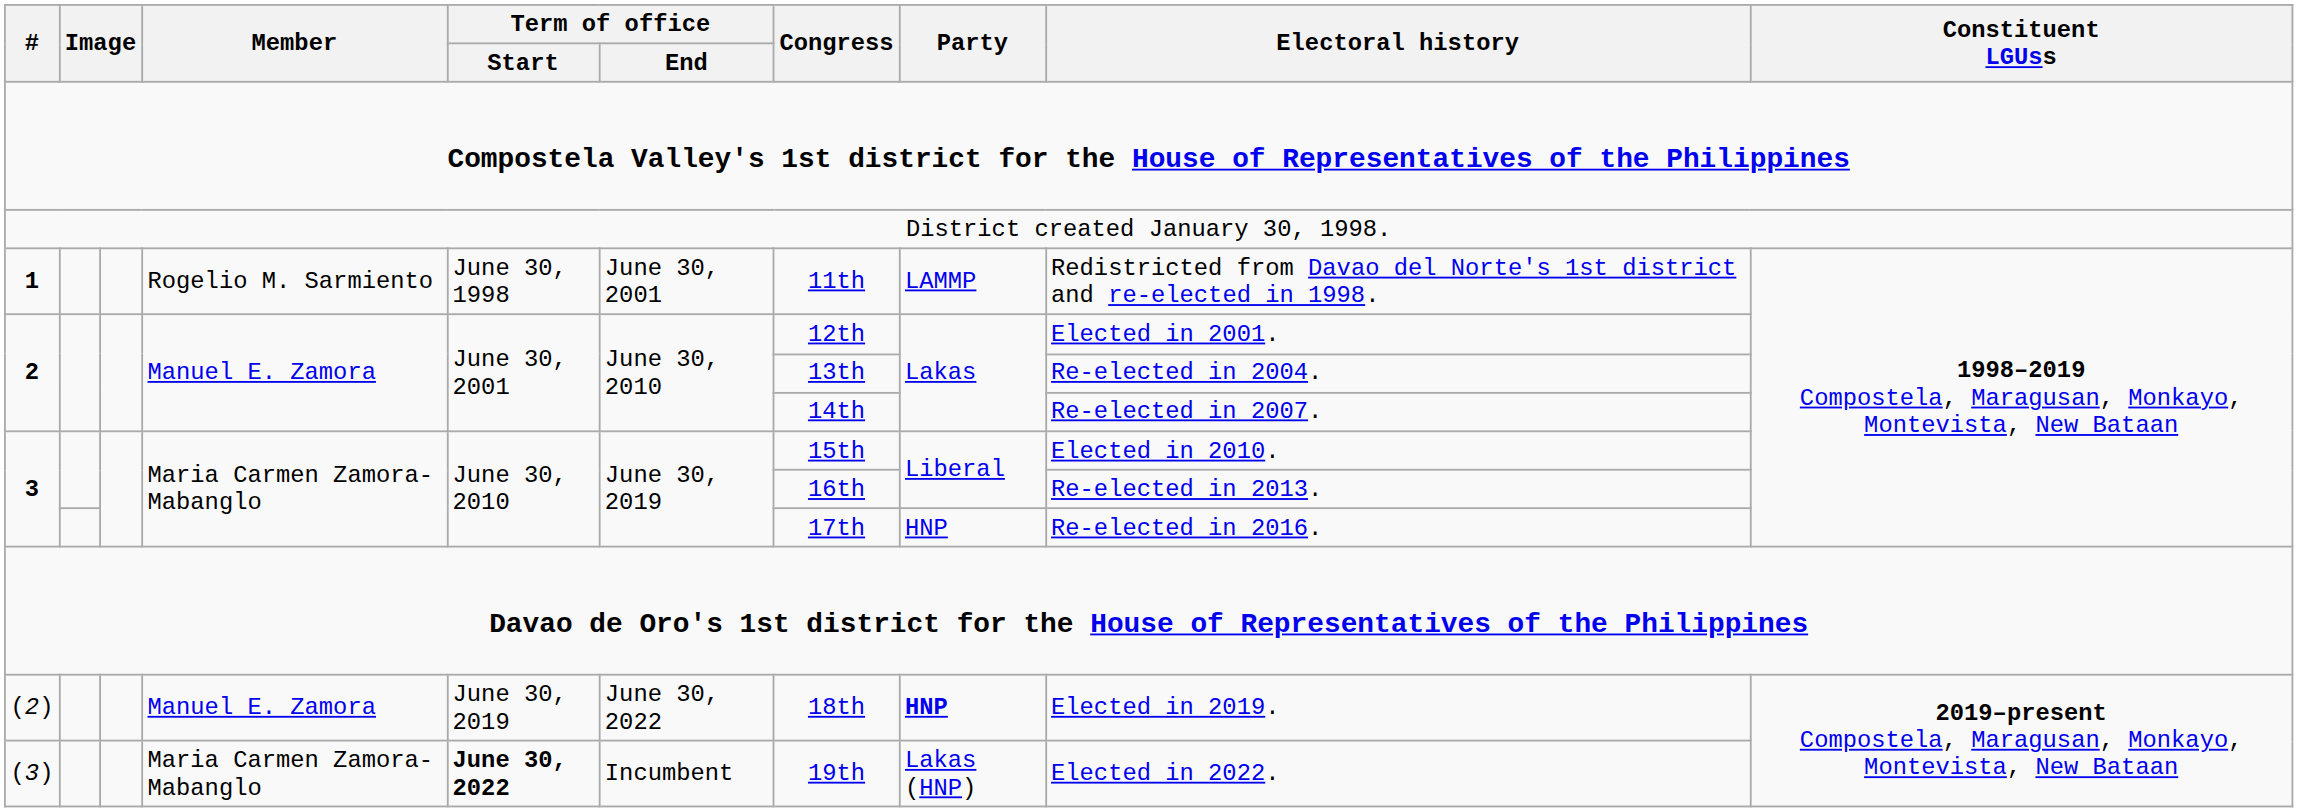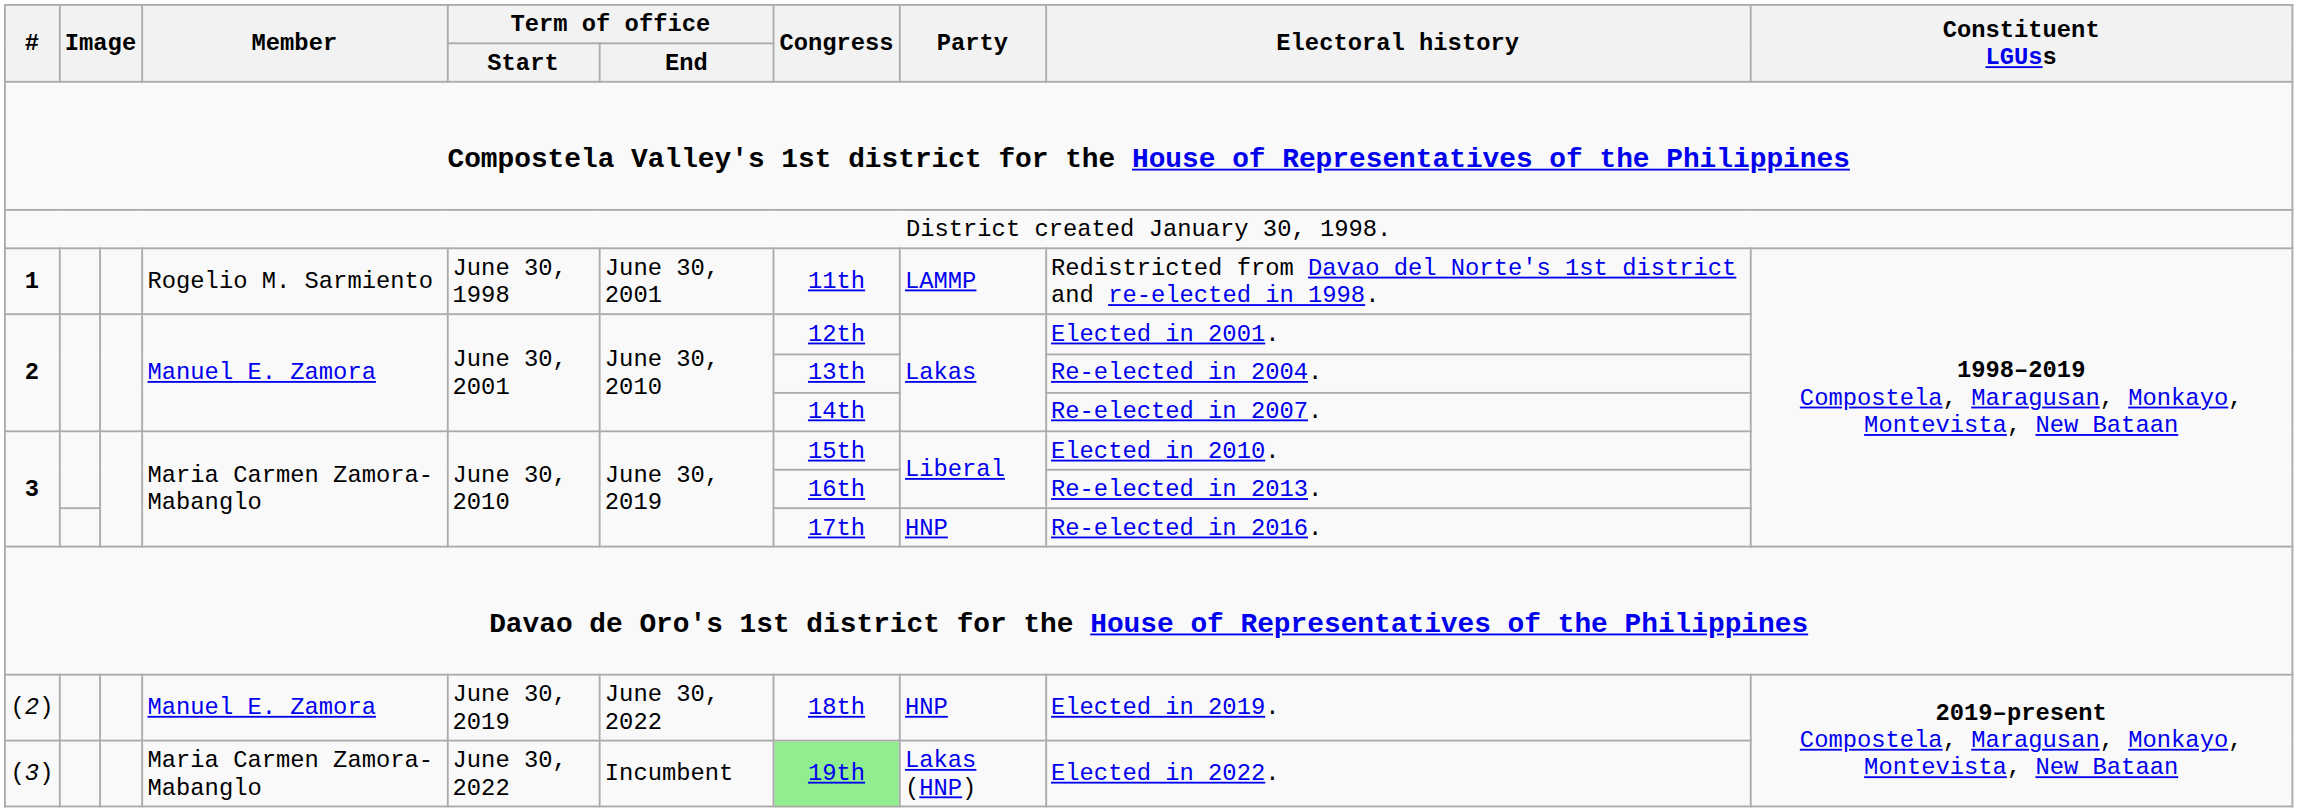 <table class=wikitable>
 <tr>
 <th rowspan="2">#</th>
 <th rowspan="2" colspan=2>Image</th>
 <th rowspan="2">Member</th>
 <th colspan=2>Term of office</th>
 <th rowspan="2">Congress</th>
 <th rowspan="2">Party</th>
 <th rowspan="2">Electoral history</th>
 <th rowspan="2">Constituent<br><a href='#'>LGUs</a>s</th>
 </tr>
 <tr>
 <th>Start</th>
 <th>End</th>
 </tr>
 <tr>
 <td colspan="10" style="text-align:center;"><br><h3>Compostela Valley's 1st district for the <a href='#'>House of Representatives of the Philippines</a></h3></td>
 </tr>
 <tr>
 <td colspan="10" style="text-align:center;">District created January 30, 1998.</td>
 </tr>
 <tr>
 <td style="text-align:center;"><strong>1</strong></td>
 <td style="color:inherit;background:"></td>
 <td></td>
 <td>Rogelio M. Sarmiento</td>
 <td>June 30, 1998</td>
 <td>June 30, 2001</td>
 <td style="text-align:center;"><a href='#'>11th</a></td>
 <td><a href='#'>LAMMP</a></td>
 <td>Redistricted from <a href='#'>Davao del Norte's 1st district</a> and <a href='#'>re-elected in 1998</a>.</td>
 <td rowspan="7" style="text-align:center;"><strong>1998–2019</strong><br><a href='#'>Compostela</a>, <a href='#'>Maragusan</a>, <a href='#'>Monkayo</a>, <a href='#'>Montevista</a>, <a href='#'>New Bataan</a></td>
 </tr>
 <tr>
 <td rowspan="3" style="text-align:center;"><strong>2</strong></td>
 <td rowspan="3" style="color:inherit;background:"></td>
 <td rowspan="3"></td>
 <td rowspan="3"><a href='#'>Manuel E. Zamora</a></td>
 <td rowspan="3">June 30, 2001</td>
 <td rowspan="3">June 30, 2010</td>
 <td style="text-align:center;"><a href='#'>12th</a></td>
 <td rowspan="3"><a href='#'>Lakas</a></td>
 <td><a href='#'>Elected in 2001</a>.</td>
 </tr>
 <tr>
 <td style="text-align:center;"><a href='#'>13th</a></td>
 <td><a href='#'>Re-elected in 2004</a>.</td>
 </tr>
 <tr>
 <td style="text-align:center;"><a href='#'>14th</a></td>
 <td><a href='#'>Re-elected in 2007</a>.</td>
 </tr>
 <tr>
 <td rowspan="3" style="text-align:center;"><strong>3</strong></td>
 <td rowspan="2" style="color:inherit;background:"></td>
 <td rowspan="3"></td>
 <td rowspan="3">Maria Carmen Zamora-Mabanglo</td>
 <td rowspan="3">June 30, 2010</td>
 <td rowspan="3">June 30, 2019</td>
 <td style="text-align:center;"><a href='#'>15th</a></td>
 <td rowspan="2"><a href='#'>Liberal</a></td>
 <td><a href='#'>Elected in 2010</a>.</td>
 </tr>
 <tr>
 <td style="text-align:center;"><a href='#'>16th</a></td>
 <td><a href='#'>Re-elected in 2013</a>.</td>
 </tr>
 <tr>
 <td style="color:inherit;background:"></td>
 <td style="text-align:center;"><a href='#'>17th</a></td>
 <td><a href='#'>HNP</a></td>
 <td><a href='#'>Re-elected in 2016</a>.</td>
 </tr>
 <tr>
 <td colspan="10" style="text-align:center;"><br><h3>Davao de Oro's 1st district for the <a href='#'>House of Representatives of the Philippines</a></h3></td>
 </tr>
 <tr>
 <td style="text-align:center;">(<em>2</em>)</td>
 <td style="color:inherit;background:"></td>
 <td></td>
 <td><a href='#'>Manuel E. Zamora</a></td>
 <td>June 30, 2019</td>
 <td>June 30, 2022</td>
 <td style="text-align:center;"><a href='#'>18th</a></td>
-<td><strong><a href='#'>HNP</a></strong></td>
+<td><a href='#'>HNP</a></td>
 <td><a href='#'>Elected in 2019</a>.</td>
 <td rowspan=99 style="text-align:center;"><strong>2019–present</strong><br><a href='#'>Compostela</a>, <a href='#'>Maragusan</a>, <a href='#'>Monkayo</a>, <a href='#'>Montevista</a>, <a href='#'>New Bataan</a></td>
 </tr>
 <tr>
 <td style="text-align:center;">(<em>3</em>)</td>
 <td style="color:inherit;background:"></td>
 <td></td>
 <td>Maria Carmen Zamora-Mabanglo</td>
-<td><strong>June 30, 2022</strong></td>
+<td>June 30, 2022</td>
 <td>Incumbent</td>
-<td style="text-align:center;"><a href='#'>19th</a></td>
+<td style="background: lightgreen; text-align:center;"><a href='#'>19th</a></td>
 <td><a href='#'>Lakas</a> (<a href='#'>HNP</a>) </td>
 <td><a href='#'>Elected in 2022</a>.</td>
 </tr>
 </table>
